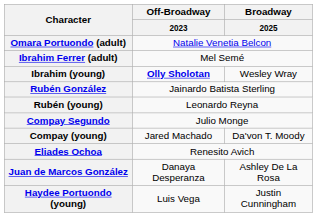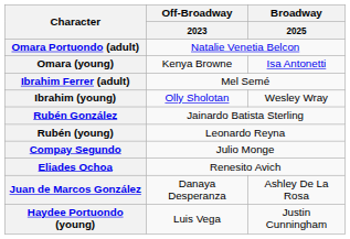 <table class="wikitable" style="width:40%; text-align:center">
 <tr>
 <th rowspan="2" scope="col">Character</th>
 <th>Off-Broadway</th>
 <th>Broadway</th>
 </tr>
 <tr>
 <th><small>2023</small></th>
 <th><small>2025</small></th>
 </tr>
 <tr>
 <th><a href='#'>Omara Portuondo</a> (adult)</th>
 <td colspan="2"><a href='#'>Natalie Venetia Belcon</a></td>
 </tr>
 <tr>
+<th>Omara (young)</th>
+<td colspan="1”">Kenya Browne</td>
+<td colspan="1”"><a href='#'>Isa Antonetti</a></td>
+</tr>
+<tr>
 <th><a href='#'>Ibrahim Ferrer</a> (adult)</th>
 <td colspan="2”">Mel Semé</td>
 </tr>
 <tr>
 <th>Ibrahim (young)</th>
-<td colspan="1"><strong><a href='#'>Olly Sholotan</a></strong></td>
+<td colspan="1"><a href='#'>Olly Sholotan</a></td>
 <td colspan="1">Wesley Wray</td>
 </tr>
 <tr>
 <th><a href='#'>Rubén González</a></th>
 <td colspan="2">Jainardo Batista Sterling</td>
 </tr>
 <tr>
 <th>Rubén (young)</th>
 <td colspan="2">Leonardo Reyna</td>
 </tr>
 <tr>
 <th><a href='#'>Compay Segundo</a></th>
 <td colspan="2">Julio Monge</td>
-</tr>
-<tr>
-<th>Compay (young)</th>
-<td colspan="1">Jared Machado</td>
-<td colspan="1">Da'von T. Moody</td>
 </tr>
 <tr>
 <th><a href='#'>Eliades Ochoa</a></th>
 <td colspan="2">Renesito Avich</td>
 </tr>
 <tr>
 <th><a href='#'>Juan de Marcos González</a></th>
 <td colspan="1">Danaya Desperanza</td>
 <td colspan="1">Ashley De La Rosa</td>
 </tr>
 <tr>
 <th><a href='#'>Haydee Portuondo</a> (young)</th>
 <td colspan="1">Luis Vega</td>
 <td colspan="1">Justin Cunningham</td>
 </tr>
 </table>
